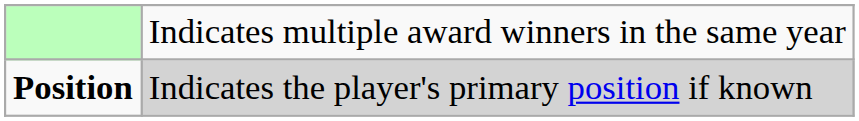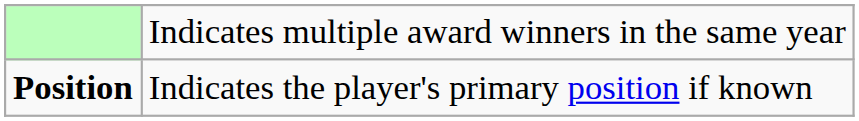 <table class="wikitable">
 <tr>
 <td style="background-color:#BBFFBB;"></td>
 <td>Indicates multiple award winners in the same year</td>
 </tr>
 <tr>
 <td><strong>Position</strong></td>
-<td style="background: lightgrey;">Indicates the player's primary <a href='#'>position</a> if known</td>
+<td>Indicates the player's primary <a href='#'>position</a> if known</td>
 </tr>
 </table>
